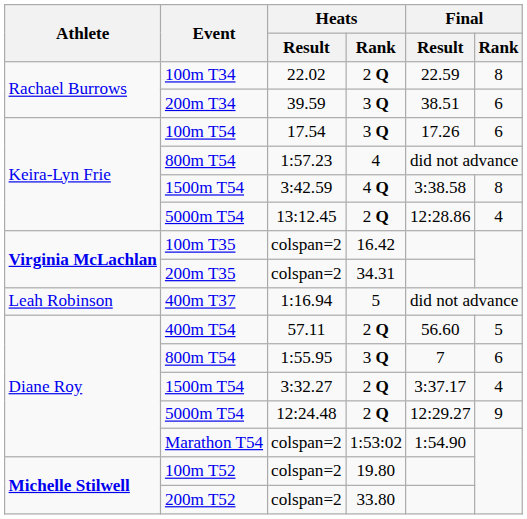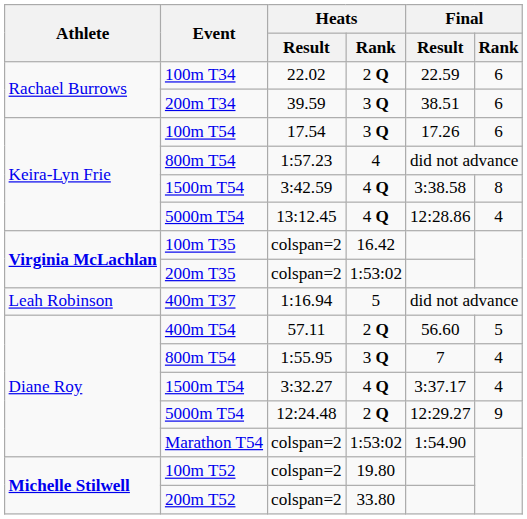 <table class=wikitable style="font-size:90%">
 <tr>
 <th rowspan="2">Athlete</th>
 <th rowspan="2">Event</th>
 <th colspan="2">Heats</th>
 <th colspan="3">Final</th>
 </tr>
 <tr>
 <th>Result</th>
 <th>Rank</th>
 <th>Result</th>
 <th>Rank</th>
 </tr>
 <tr align=center>
 <td align=left rowspan=2><a href='#'>Rachael Burrows</a></td>
 <td align=left><a href='#'>100m T34</a></td>
 <td>22.02</td>
 <td>2 <strong>Q</strong></td>
 <td>22.59</td>
-<td>8</td>
+<td>6</td>
 </tr>
 <tr align=center>
 <td align=left><a href='#'>200m T34</a></td>
 <td>39.59</td>
 <td>3 <strong>Q</strong></td>
 <td>38.51</td>
 <td>6</td>
 </tr>
 <tr align=center>
 <td align=left rowspan=4><a href='#'>Keira-Lyn Frie</a></td>
 <td align=left><a href='#'>100m T54</a></td>
 <td>17.54</td>
 <td>3 <strong>Q</strong></td>
 <td>17.26</td>
 <td>6</td>
 </tr>
 <tr align=center>
 <td align=left><a href='#'>800m T54</a></td>
 <td>1:57.23</td>
 <td>4</td>
 <td colspan=2>did not advance</td>
 </tr>
 <tr align=center>
 <td align=left><a href='#'>1500m T54</a></td>
 <td>3:42.59</td>
 <td>4 <strong>Q</strong></td>
 <td>3:38.58</td>
 <td>8</td>
 </tr>
 <tr align=center>
 <td align=left><a href='#'>5000m T54</a></td>
 <td>13:12.45</td>
-<td>2 <strong>Q</strong></td>
+<td>4 <strong>Q</strong></td>
 <td>12:28.86</td>
 <td>4</td>
 </tr>
 <tr align=center>
 <td align=left rowspan=2><strong><a href='#'>Virginia McLachlan</a></strong></td>
 <td align=left><a href='#'>100m T35</a></td>
 <td>colspan=2 </td>
 <td>16.42</td>
 <td></td>
 </tr>
 <tr align=center>
 <td align=left><a href='#'>200m T35</a></td>
 <td>colspan=2 </td>
-<td>34.31</td>
+<td>1:53:02</td>
 <td></td>
 </tr>
 <tr align=center>
 <td align=left><a href='#'>Leah Robinson</a></td>
 <td align=left><a href='#'>400m T37</a></td>
 <td>1:16.94</td>
 <td>5</td>
 <td colspan=2>did not advance</td>
 </tr>
 <tr align=center>
 <td align=left rowspan=5><a href='#'>Diane Roy</a></td>
 <td align=left><a href='#'>400m T54</a></td>
 <td>57.11</td>
 <td>2 <strong>Q</strong></td>
 <td>56.60</td>
 <td>5</td>
 </tr>
 <tr align=center>
 <td align=left><a href='#'>800m T54</a></td>
 <td>1:55.95</td>
 <td>3 <strong>Q</strong></td>
 <td>7</td>
-<td>6</td>
+<td>4</td>
 </tr>
 <tr align=center>
 <td align=left><a href='#'>1500m T54</a></td>
 <td>3:32.27</td>
-<td>2 <strong>Q</strong></td>
+<td>4 <strong>Q</strong></td>
 <td>3:37.17</td>
 <td>4</td>
 </tr>
 <tr align=center>
 <td align=left><a href='#'>5000m T54</a></td>
 <td>12:24.48</td>
 <td>2 <strong>Q</strong></td>
 <td>12:29.27</td>
 <td>9</td>
 </tr>
 <tr align=center>
 <td align=left><a href='#'>Marathon T54</a></td>
 <td>colspan=2 </td>
 <td>1:53:02</td>
 <td>1:54.90</td>
 </tr>
 <tr align=center>
 <td align=left rowspan=2><strong><a href='#'>Michelle Stilwell</a></strong></td>
 <td align=left><a href='#'>100m T52</a></td>
 <td>colspan=2 </td>
 <td>19.80</td>
 <td></td>
 </tr>
 <tr align=center>
 <td align=left><a href='#'>200m T52</a></td>
 <td>colspan=2 </td>
 <td>33.80</td>
 <td></td>
 </tr>
 </table>
